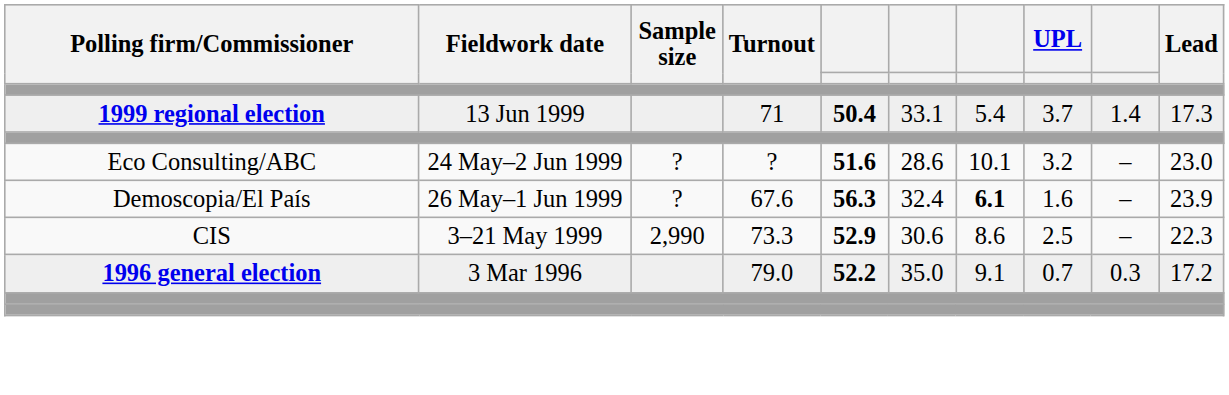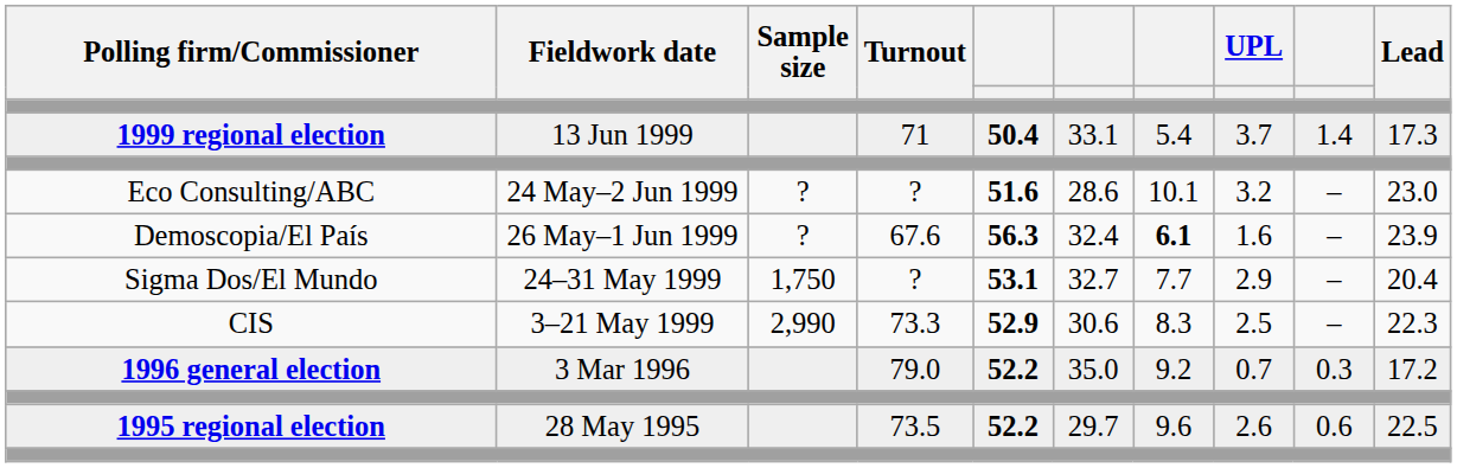 <table class="wikitable collapsible collapsed" style="text-align:center; font-size:95%; line-height:16px;">
 <tr style="height:42px;">
 <th style="width:250px;" rowspan="2">Polling firm/Commissioner</th>
 <th style="width:125px;" rowspan="2">Fieldwork date</th>
 <th style="width:50px;" rowspan="2">Sample size</th>
 <th style="width:45px;" rowspan="2">Turnout</th>
 <th style="width:35px;"></th>
 <th style="width:35px;"></th>
 <th style="width:35px;"></th>
 <th style="width:35px;"><a href='#'>UPL</a></th>
 <th style="width:35px;"></th>
 <th style="width:30px;" rowspan="2">Lead</th>
 </tr>
 <tr>
 <th style="color:inherit;background:"></th>
 <th style="color:inherit;background:"></th>
 <th style="color:inherit;background:"></th>
 <th style="color:inherit;background:"></th>
 <th style="color:inherit;background:"></th>
 </tr>
 <tr>
 <td colspan="10" style="background:#A0A0A0"></td>
 </tr>
 <tr style="background:#EFEFEF;">
 <td><strong><a href='#'>1999 regional election</a></strong></td>
 <td>13 Jun 1999</td>
 <td></td>
 <td>71</td>
 <td><strong>50.4</strong><br></td>
 <td>33.1<br></td>
 <td>5.4<br></td>
 <td>3.7<br></td>
 <td>1.4<br></td>
 <td style="background:">17.3</td>
 </tr>
 <tr>
 <td colspan="10" style="background:#A0A0A0"></td>
 </tr>
 <tr>
 <td>Eco Consulting/ABC</td>
 <td>24 May–2 Jun 1999</td>
 <td>?</td>
 <td>?</td>
 <td><strong>51.6</strong><br></td>
 <td>28.6<br></td>
 <td>10.1<br></td>
 <td>3.2<br></td>
 <td>–</td>
 <td style="background:">23.0</td>
 </tr>
 <tr>
 <td>Demoscopia/El País</td>
 <td>26 May–1 Jun 1999</td>
 <td>?</td>
 <td>67.6</td>
 <td><strong>56.3</strong><br></td>
 <td>32.4<br></td>
 <td><strong>6.1<br></strong></td>
 <td>1.6<br></td>
 <td>–</td>
 <td style="background:">23.9</td>
 </tr>
 <tr>
+<td>Sigma Dos/El Mundo</td>
+<td>24–31 May 1999</td>
+<td>1,750</td>
+<td>?</td>
+<td><strong>53.1</strong><br></td>
+<td>32.7<br></td>
+<td>7.7<br></td>
+<td>2.9<br></td>
+<td>–</td>
+<td style="background:">20.4</td>
+</tr>
+<tr>
 <td>CIS</td>
 <td>3–21 May 1999</td>
 <td>2,990</td>
 <td>73.3</td>
 <td><strong>52.9</strong><br></td>
 <td>30.6<br></td>
-<td>8.6<br></td>
+<td>8.3<br></td>
 <td>2.5<br></td>
 <td>–</td>
 <td style="background:">22.3</td>
 </tr>
 <tr style="background:#EFEFEF;">
 <td><strong><a href='#'>1996 general election</a></strong></td>
 <td>3 Mar 1996</td>
 <td></td>
 <td>79.0</td>
 <td><strong>52.2</strong><br></td>
 <td>35.0<br></td>
-<td>9.1<br></td>
+<td>9.2<br></td>
 <td>0.7<br></td>
 <td>0.3<br></td>
 <td style="background:">17.2</td>
 </tr>
 <tr>
 <td colspan="10" style="background:#A0A0A0"></td>
 </tr>
+<tr style="background:#EFEFEF;">
+<td><strong><a href='#'>1995 regional election</a></strong></td>
+<td>28 May 1995</td>
+<td></td>
+<td>73.5</td>
+<td><strong>52.2</strong><br></td>
+<td>29.7<br></td>
+<td>9.6<br></td>
+<td>2.6<br></td>
+<td>0.6<br></td>
+<td style="background:">22.5</td>
+</tr>
 <tr>
 <td colspan="10" style="background:#A0A0A0"></td>
 </tr>
 </table>
